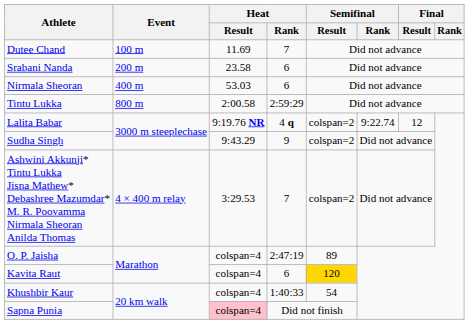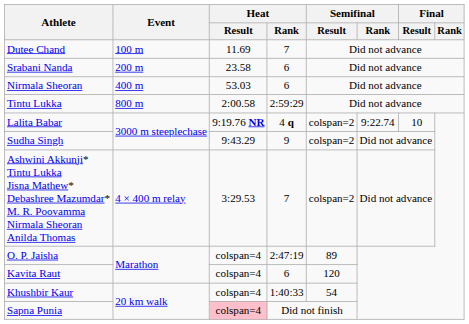 <table class="wikitable" style="font-size:90%">
 <tr>
 <th rowspan=2>Athlete</th>
 <th rowspan=2>Event</th>
 <th colspan="2">Heat</th>
 <th colspan="2">Semifinal</th>
 <th colspan="2">Final</th>
 </tr>
 <tr style="font-size:95%">
 <th>Result</th>
 <th>Rank</th>
 <th>Result</th>
 <th>Rank</th>
 <th>Result</th>
 <th>Rank</th>
 </tr>
 <tr align=center>
 <td align=left><a href='#'>Dutee Chand</a></td>
 <td align=left><a href='#'>100 m</a></td>
 <td>11.69</td>
 <td>7</td>
 <td colspan="4">Did not advance</td>
 </tr>
 <tr align="center">
 <td align=left><a href='#'>Srabani Nanda</a></td>
 <td align=left><a href='#'>200 m</a></td>
 <td>23.58</td>
 <td>6</td>
 <td colspan="4">Did not advance</td>
 </tr>
 <tr align="center">
 <td align=left><a href='#'>Nirmala Sheoran</a></td>
 <td align=left><a href='#'>400 m</a></td>
 <td>53.03</td>
 <td>6</td>
 <td colspan="4">Did not advance</td>
 </tr>
 <tr align=center>
 <td align=left><a href='#'>Tintu Lukka</a></td>
 <td align=left><a href='#'>800 m</a></td>
 <td>2:00.58</td>
 <td>2:59:29</td>
 <td colspan="4">Did not advance</td>
 </tr>
 <tr align=center>
 <td align=left><a href='#'>Lalita Babar</a></td>
 <td align=left rowspan=2><a href='#'>3000 m steeplechase</a></td>
 <td>9:19.76 <strong><a href='#'>NR</a></strong></td>
 <td>4 <strong>q</strong></td>
 <td>colspan=2 </td>
 <td>9:22.74</td>
-<td>12</td>
+<td>10</td>
 </tr>
 <tr align=center>
 <td align=left><a href='#'>Sudha Singh</a></td>
 <td>9:43.29</td>
 <td>9</td>
 <td>colspan=2 </td>
 <td colspan="2">Did not advance</td>
 </tr>
 <tr align="center">
 <td align=left><a href='#'>Ashwini Akkunji</a>*<br><a href='#'>Tintu Lukka</a><br><a href='#'>Jisna Mathew</a>*<br><a href='#'>Debashree Mazumdar</a>*<br><a href='#'>M. R. Poovamma</a><br><a href='#'>Nirmala Sheoran</a><br><a href='#'>Anilda Thomas</a></td>
 <td align=left><a href='#'>4 × 400 m relay</a></td>
 <td>3:29.53</td>
 <td>7</td>
 <td>colspan=2 </td>
 <td colspan="2">Did not advance</td>
 </tr>
 <tr align=center>
 <td align=left><a href='#'>O. P. Jaisha</a></td>
 <td align=left rowspan=2><a href='#'>Marathon</a></td>
 <td>colspan=4 </td>
 <td>2:47:19</td>
 <td>89</td>
 </tr>
 <tr align=center>
 <td align="left"><a href='#'>Kavita Raut</a></td>
 <td>colspan=4 </td>
 <td>6</td>
-<td style="background: gold;">120</td>
+<td>120</td>
 </tr>
 <tr align=center>
 <td align=left><a href='#'>Khushbir Kaur</a></td>
 <td align=left rowspan=2><a href='#'>20 km walk</a></td>
 <td>colspan=4 </td>
 <td>1:40:33</td>
 <td>54</td>
 </tr>
 <tr align="center">
 <td align=left><a href='#'>Sapna Punia</a></td>
 <td style="background: pink;">colspan=4 </td>
 <td colspan="2">Did not finish</td>
 </tr>
 </table>
